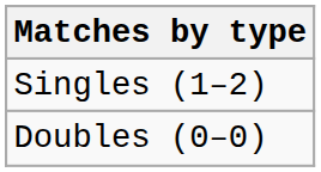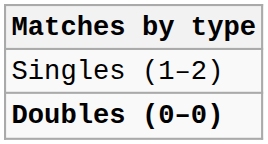 <table class=wikitable>
 <tr>
 <th>Matches by type</th>
 </tr>
 <tr>
 <td>Singles (1–2)</td>
 </tr>
 <tr>
-<td>Doubles (0–0)</td>
+<td><strong>Doubles (0–0)</strong></td>
 </tr>
 </table>
